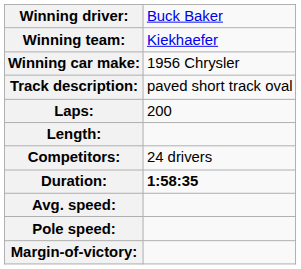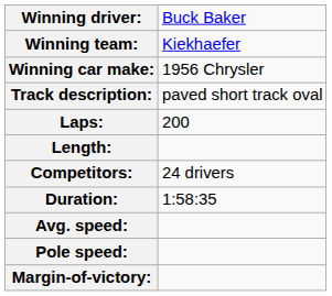 <table class="wikitable" style=text-align:left>
 <tr>
 <th>Winning driver:</th>
 <td><a href='#'>Buck Baker</a></td>
 </tr>
 <tr>
 <th>Winning team:</th>
 <td><a href='#'>Kiekhaefer</a></td>
 </tr>
 <tr>
 <th>Winning car make:</th>
 <td>1956 Chrysler</td>
 </tr>
 <tr>
 <th>Track description:</th>
 <td> paved short track oval</td>
 </tr>
 <tr>
 <th>Laps:</th>
 <td>200</td>
 </tr>
 <tr>
 <th>Length:</th>
 <td></td>
 </tr>
 <tr>
 <th>Competitors:</th>
 <td>24 drivers</td>
 </tr>
 <tr>
 <th>Duration:</th>
-<td><strong>1:58:35</strong></td>
+<td>1:58:35</td>
 </tr>
 <tr>
 <th>Avg. speed:</th>
 <td></td>
 </tr>
 <tr>
 <th>Pole speed:</th>
 <td></td>
 </tr>
 <tr>
 <th>Margin-of-victory:</th>
 <td></td>
 </tr>
 </table>
